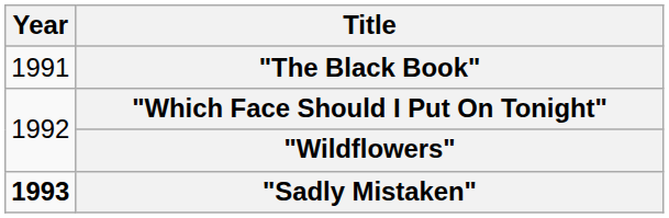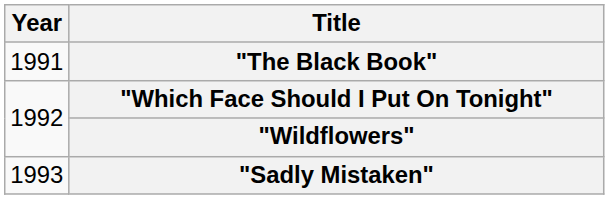 <table class="wikitable plainrowheaders">
 <tr>
 <th>Year</th>
 <th style="width:22em;">Title</th>
 </tr>
 <tr>
 <td>1991</td>
 <th scope="row">"The Black Book"</th>
 </tr>
 <tr>
 <td rowspan="2">1992</td>
 <th scope="row">"Which Face Should I Put On Tonight"</th>
 </tr>
 <tr>
 <th scope="row">"Wildflowers"</th>
 </tr>
 <tr>
-<td><strong>1993</strong></td>
+<td>1993</td>
 <th scope="row">"Sadly Mistaken"</th>
 </tr>
 </table>
